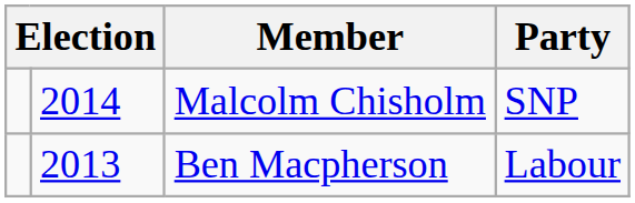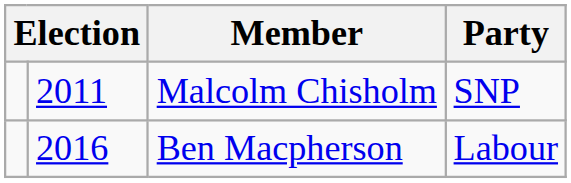 <table class="wikitable">
 <tr>
 <th colspan="2">Election</th>
 <th>Member</th>
 <th>Party</th>
 </tr>
 <tr>
 <td style="background-color: "></td>
-<td><a href='#'>2014</a></td>
+<td><a href='#'>2011</a></td>
 <td><a href='#'>Malcolm Chisholm</a></td>
 <td><a href='#'>SNP</a></td>
 </tr>
 <tr>
 <td style="background-color: "></td>
-<td><a href='#'>2013</a></td>
+<td><a href='#'>2016</a></td>
 <td><a href='#'>Ben Macpherson</a></td>
 <td><a href='#'>Labour</a></td>
 </tr>
 </table>
